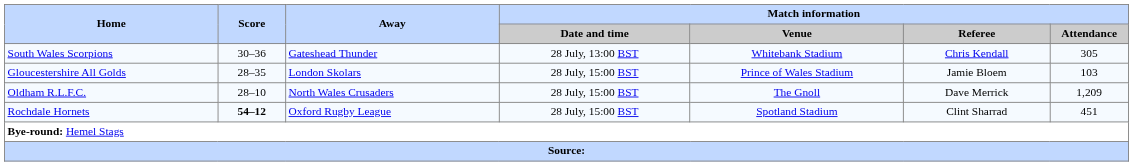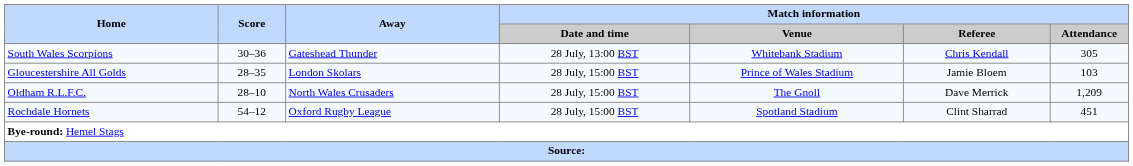 <table border=1 style="border-collapse:collapse; font-size:80%; text-align:center;" cellpadding=3 cellspacing=0 width=100%>
 <tr bgcolor=#C1D8FF>
 <th rowspan=2 width=19%>Home</th>
 <th rowspan=2 width=6%>Score</th>
 <th rowspan=2 width=19%>Away</th>
 <th colspan=6>Match information</th>
 </tr>
 <tr bgcolor=#CCCCCC>
 <th width=17%>Date and time</th>
 <th width=19%>Venue</th>
 <th width=13%>Referee</th>
 <th width=7%>Attendance</th>
 </tr>
 <tr bgcolor=#F5FAFF>
 <td align=left> <a href='#'>South Wales Scorpions</a></td>
 <td>30–36</td>
 <td align=left> <a href='#'>Gateshead Thunder</a></td>
 <td>28 July, 13:00 <a href='#'>BST</a></td>
 <td><a href='#'>Whitebank Stadium</a></td>
 <td><a href='#'>Chris Kendall</a></td>
 <td>305</td>
 </tr>
 <tr bgcolor=#F5FAFF>
 <td align=left> <a href='#'>Gloucestershire All Golds</a></td>
 <td>28–35</td>
 <td align=left> <a href='#'>London Skolars</a></td>
 <td>28 July, 15:00 <a href='#'>BST</a></td>
 <td><a href='#'>Prince of Wales Stadium</a></td>
 <td>Jamie Bloem</td>
 <td>103</td>
 </tr>
 <tr bgcolor=#F5FAFF>
 <td align=left> <a href='#'>Oldham R.L.F.C.</a></td>
 <td>28–10</td>
 <td align=left> <a href='#'>North Wales Crusaders</a></td>
 <td>28 July, 15:00 <a href='#'>BST</a></td>
 <td><a href='#'>The Gnoll</a></td>
 <td>Dave Merrick</td>
 <td>1,209</td>
 </tr>
 <tr bgcolor=#F5FAFF>
 <td align=left> <a href='#'>Rochdale Hornets</a></td>
-<td><strong>54–12</strong></td>
+<td>54–12</td>
 <td align=left> <a href='#'>Oxford Rugby League</a></td>
 <td>28 July, 15:00 <a href='#'>BST</a></td>
 <td><a href='#'>Spotland Stadium</a></td>
 <td>Clint Sharrad</td>
 <td>451</td>
 </tr>
 <tr>
 <td colspan="7" align="left"><strong>Bye-round:</strong>  <a href='#'>Hemel Stags</a></td>
 </tr>
 <tr bgcolor=#C1D8FF>
 <th colspan=12>Source:</th>
 </tr>
 </table>
